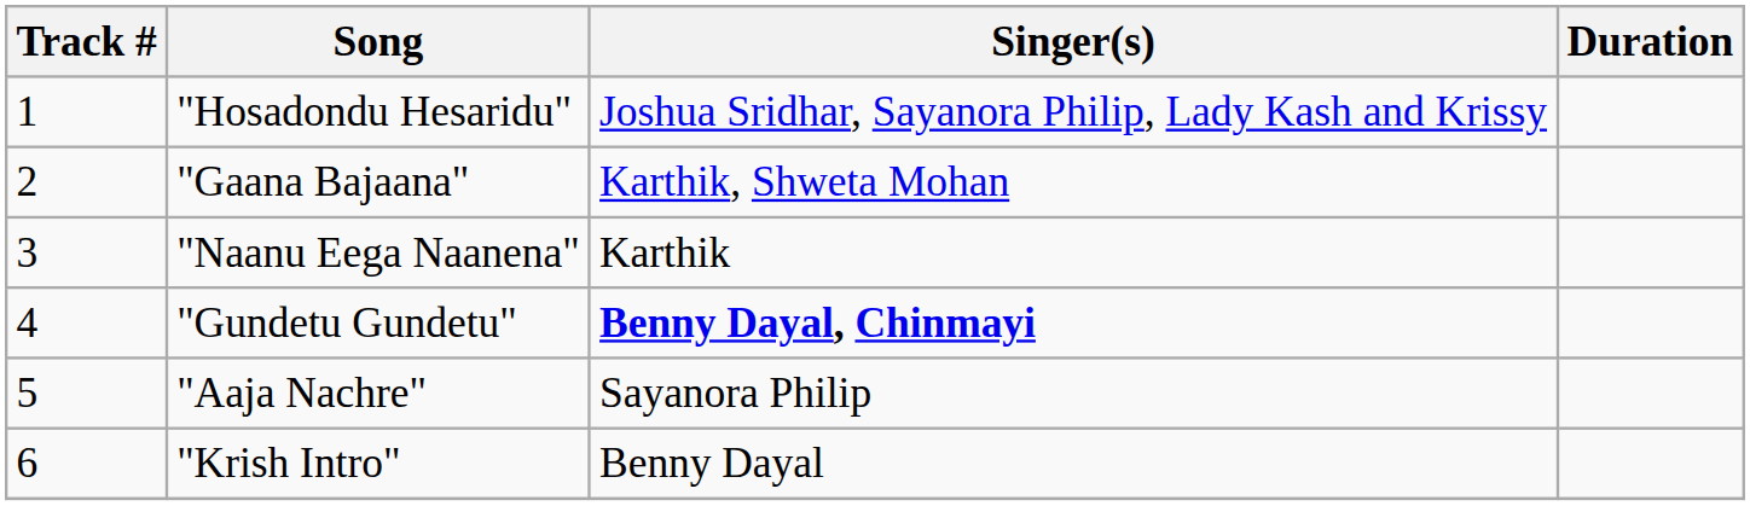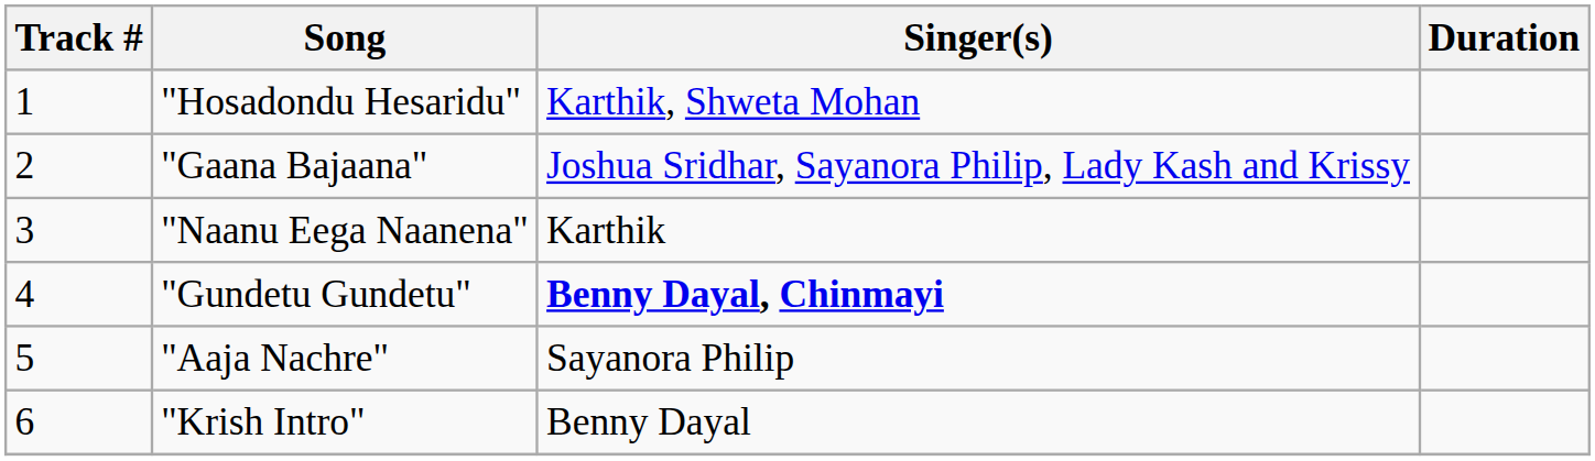 <table class="wikitable" style="font-size:95%;">
 <tr>
 <th>Track #</th>
 <th>Song</th>
 <th>Singer(s)</th>
 <th>Duration</th>
 </tr>
 <tr>
 <td>1</td>
 <td>"Hosadondu Hesaridu"</td>
-<td><a href='#'>Joshua Sridhar</a>, <a href='#'>Sayanora Philip</a>, <a href='#'>Lady Kash and Krissy</a></td>
+<td><a href='#'>Karthik</a>, <a href='#'>Shweta Mohan</a></td>
 <td></td>
 </tr>
 <tr>
 <td>2</td>
 <td>"Gaana Bajaana"</td>
-<td><a href='#'>Karthik</a>, <a href='#'>Shweta Mohan</a></td>
+<td><a href='#'>Joshua Sridhar</a>, <a href='#'>Sayanora Philip</a>, <a href='#'>Lady Kash and Krissy</a></td>
 <td></td>
 </tr>
 <tr>
 <td>3</td>
 <td>"Naanu Eega Naanena"</td>
 <td>Karthik</td>
 <td></td>
 </tr>
 <tr>
 <td>4</td>
 <td>"Gundetu Gundetu"</td>
 <td><strong><a href='#'>Benny Dayal</a>, <a href='#'>Chinmayi</a></strong></td>
 <td></td>
 </tr>
 <tr>
 <td>5</td>
 <td>"Aaja Nachre"</td>
 <td>Sayanora Philip</td>
 <td></td>
 </tr>
 <tr>
 <td>6</td>
 <td>"Krish Intro"</td>
 <td>Benny Dayal</td>
 <td></td>
 </tr>
 <tr>
 </tr>
 </table>
